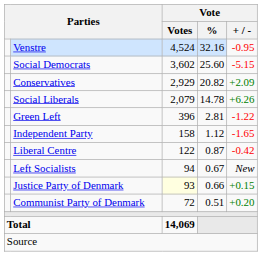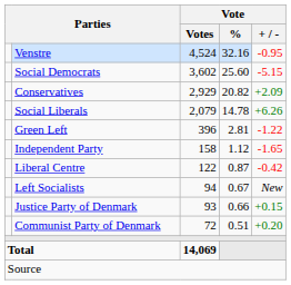 <table class="wikitable" style="text-align:right;">
 <tr>
 <th style="text-align:centre;" rowspan="2" colspan="2" width="225">Parties</th>
 <th colspan="3">Vote</th>
 </tr>
 <tr>
 <th width="15">Votes</th>
 <th width="15">%</th>
 <th width="15">+ / -</th>
 </tr>
 <tr>
 <td width="2" style="color:inherit;background:"></td>
 <td bgcolor=#cfe5fe  align="left"><a href='#'>Venstre</a></td>
 <td bgcolor=#cfe5fe>4,524</td>
 <td bgcolor=#cfe5fe>32.16</td>
 <td style=color:red;>-0.95</td>
 </tr>
 <tr>
 <td width="2" style="color:inherit;background:"></td>
 <td align="left"><a href='#'>Social Democrats</a></td>
 <td>3,602</td>
 <td>25.60</td>
 <td style=color:red;>-5.15</td>
 </tr>
 <tr>
 <td width="2" style="color:inherit;background:"></td>
 <td align="left"><a href='#'>Conservatives</a></td>
 <td>2,929</td>
 <td>20.82</td>
 <td style=color:green;>+2.09</td>
 </tr>
 <tr>
 <td width="2" style="color:inherit;background:"></td>
 <td align="left"><a href='#'>Social Liberals</a></td>
 <td>2,079</td>
 <td>14.78</td>
 <td style=color:green;>+6.26</td>
 </tr>
 <tr>
 <td width="2" style="color:inherit;background:"></td>
 <td align="left"><a href='#'>Green Left</a></td>
 <td>396</td>
 <td>2.81</td>
 <td style=color:red;>-1.22</td>
 </tr>
 <tr>
 <td width="2" style="color:inherit;background:"></td>
 <td align="left"><a href='#'>Independent Party</a></td>
 <td>158</td>
 <td>1.12</td>
 <td style=color:red;>-1.65</td>
 </tr>
 <tr>
 <td width="2" style="color:inherit;background:"></td>
 <td align="left"><a href='#'>Liberal Centre</a></td>
 <td>122</td>
 <td>0.87</td>
 <td style=color:red;>-0.42</td>
 </tr>
 <tr>
 <td width="2" style="color:inherit;background:"></td>
 <td align="left"><a href='#'>Left Socialists</a></td>
 <td>94</td>
 <td>0.67</td>
 <td><em>New</em></td>
 </tr>
 <tr>
 <td width="2" style="color:inherit;background:"></td>
 <td align="left"><a href='#'>Justice Party of Denmark</a></td>
-<td style="background: lightyellow;">93</td>
+<td>93</td>
 <td>0.66</td>
 <td style=color:green;>+0.15</td>
 </tr>
 <tr>
 <td width="2" style="color:inherit;background:"></td>
 <td align="left"><a href='#'>Communist Party of Denmark</a></td>
 <td>72</td>
 <td>0.51</td>
 <td style=color:green;>+0.20</td>
 </tr>
 <tr>
 <td colspan="7" bgcolor="#E9E9E9"></td>
 </tr>
 <tr>
 <td align="left" colspan="2"><strong>Total</strong></td>
 <td><strong>14,069</strong></td>
 <td bgcolor="#E9E9E9" colspan="2"></td>
 </tr>
 <tr>
 <td align="left" colspan="6">Source</td>
 </tr>
 </table>
